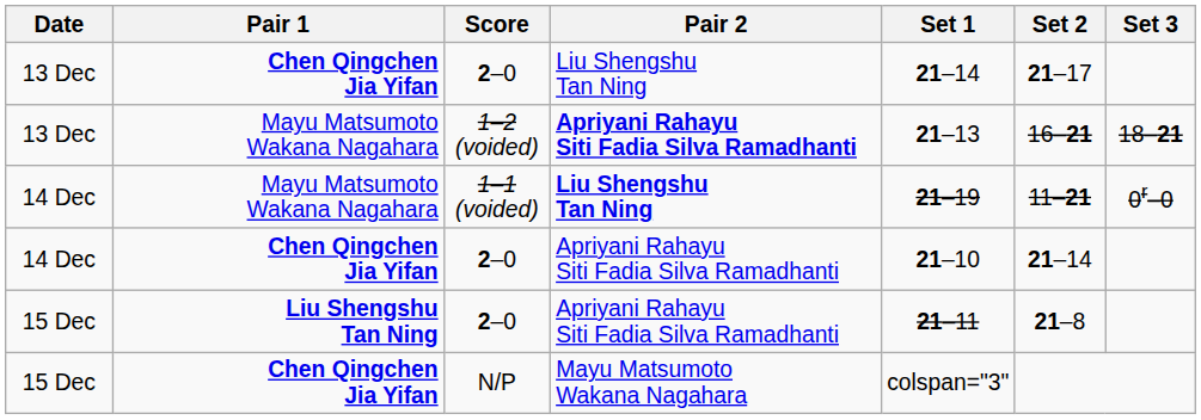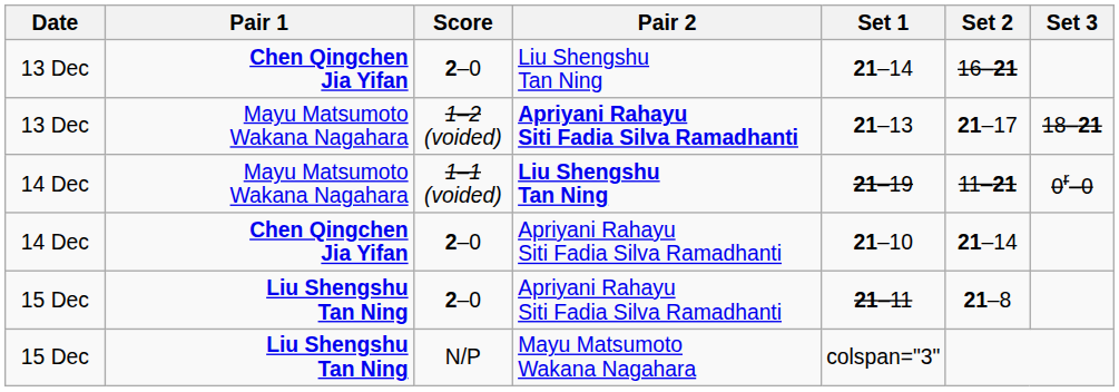 <table class="wikitable" style="text-align: center; font-size:90%">
 <tr>
 <th width="60">Date</th>
 <th width="200">Pair 1</th>
 <th width="60">Score</th>
 <th width="200">Pair 2</th>
 <th width="50">Set 1</th>
 <th width="50">Set 2</th>
 <th width="50">Set 3</th>
 </tr>
 <tr>
 <td>13 Dec</td>
 <td align="right"><strong><a href='#'>Chen Qingchen</a> <br><a href='#'>Jia Yifan</a> </strong></td>
 <td align="center"><strong>2</strong>–0</td>
 <td align="left"> <a href='#'>Liu Shengshu</a><br> <a href='#'>Tan Ning</a></td>
 <td><strong>21</strong>–14</td>
-<td><strong>21</strong>–17</td>
+<td><s>16–<strong>21</strong></s></td>
 <td></td>
 </tr>
 <tr>
 <td>13 Dec</td>
 <td align="right"><a href='#'>Mayu Matsumoto</a> <br><a href='#'>Wakana Nagahara</a> </td>
 <td align="center"><s><em>1–2</em></s><br><em>(voided)</em></td>
 <td align="left"><strong> <a href='#'>Apriyani Rahayu</a><br> <a href='#'>Siti Fadia Silva Ramadhanti</a></strong></td>
 <td><strong>21</strong>–13</td>
-<td><s>16–<strong>21</strong></s></td>
+<td><strong>21</strong>–17</td>
 <td><s>18–<strong>21</strong></s></td>
 </tr>
 <tr>
 <td>14 Dec</td>
 <td align="right"><a href='#'>Mayu Matsumoto</a> <br><a href='#'>Wakana Nagahara</a> </td>
 <td align="center"><s><em>1–1</em></s><br><em>(voided)</em></td>
 <td align="left"><strong> <a href='#'>Liu Shengshu</a><br> <a href='#'>Tan Ning</a></strong></td>
 <td><s><strong>21</strong>–19</s></td>
 <td><s>11–<strong>21</strong></s></td>
 <td><s>0<sup>r</sup>–0</s></td>
 </tr>
 <tr>
 <td>14 Dec</td>
 <td align="right"><strong><a href='#'>Chen Qingchen</a> <br><a href='#'>Jia Yifan</a> </strong></td>
 <td align="center"><strong>2</strong>–0</td>
 <td align="left"> <a href='#'>Apriyani Rahayu</a><br> <a href='#'>Siti Fadia Silva Ramadhanti</a></td>
 <td><strong>21</strong>–10</td>
 <td><strong>21</strong>–14</td>
 <td></td>
 </tr>
 <tr>
 <td>15 Dec</td>
 <td align="right"><strong><a href='#'>Liu Shengshu</a> <br><a href='#'>Tan Ning</a> </strong></td>
 <td align="center"><strong>2</strong>–0</td>
 <td align="left"> <a href='#'>Apriyani Rahayu</a><br> <a href='#'>Siti Fadia Silva Ramadhanti</a></td>
 <td><s><strong>21</strong>–11</s></td>
 <td><strong>21</strong>–8</td>
 <td></td>
 </tr>
 <tr>
 <td>15 Dec</td>
-<td align="right"><strong><a href='#'>Chen Qingchen</a> <br><a href='#'>Jia Yifan</a> </strong></td>
+<td align="right"><strong><a href='#'>Liu Shengshu</a> <br><a href='#'>Tan Ning</a> </strong></td>
 <td align="center">N/P</td>
 <td align="left"> <a href='#'>Mayu Matsumoto</a><br> <a href='#'>Wakana Nagahara</a></td>
 <td>colspan="3" </td>
 </tr>
 </table>
